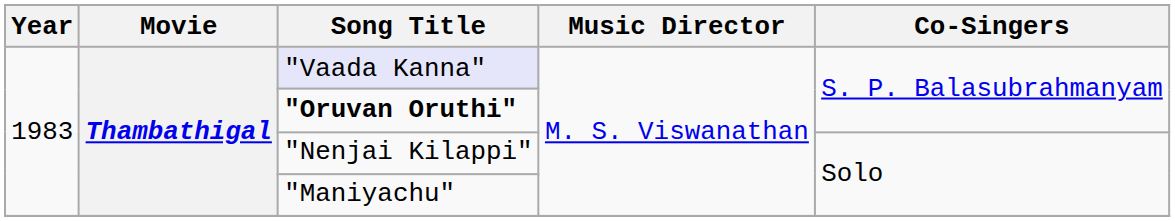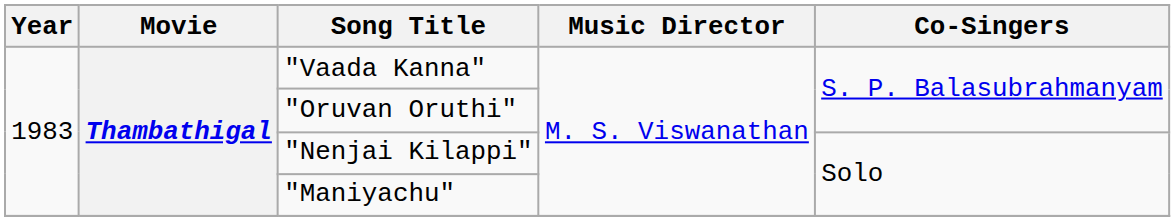 <table class="wikitable">
 <tr>
 <th>Year</th>
 <th>Movie</th>
 <th>Song Title</th>
 <th>Music Director</th>
 <th>Co-Singers</th>
 </tr>
 <tr>
 <td rowspan="4">1983</td>
 <th rowspan="4"><strong><a href='#'><em>Thambathigal</em></a></strong></th>
-<td style="background: lavender;">"Vaada Kanna"</td>
+<td>"Vaada Kanna"</td>
 <td rowspan="4"><a href='#'>M. S. Viswanathan</a></td>
 <td rowspan="2"><a href='#'>S. P. Balasubrahmanyam</a></td>
 </tr>
 <tr>
-<td><strong>"Oruvan Oruthi"</strong></td>
+<td>"Oruvan Oruthi"</td>
 </tr>
 <tr>
 <td>"Nenjai Kilappi"</td>
 <td rowspan="2">Solo</td>
 </tr>
 <tr>
 <td>"Maniyachu"</td>
 </tr>
 <tr>
 </tr>
 </table>
